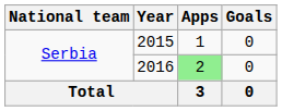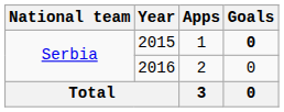 <table class="wikitable" style="text-align:center">
 <tr>
 <th>National team</th>
 <th>Year</th>
 <th>Apps</th>
 <th>Goals</th>
 </tr>
 <tr>
 <td rowspan="2"><a href='#'>Serbia</a></td>
 <td>2015</td>
 <td>1</td>
-<td>0</td>
+<td><strong>0</strong></td>
 </tr>
 <tr>
 <td>2016</td>
-<td style="background: lightgreen;">2</td>
+<td>2</td>
 <td>0</td>
 </tr>
 <tr>
 <th colspan="2">Total</th>
 <th>3</th>
 <th>0</th>
 </tr>
 </table>
